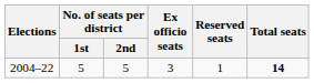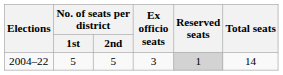 <table class=wikitable style="text-align:center">
 <tr>
 <th rowspan=2>Elections</th>
 <th colspan=2>No. of seats per district</th>
 <th width=50px rowspan=2>Ex officio seats</th>
 <th width=50px rowspan=2>Reserved seats</th>
 <th rowspan="2">Total seats</th>
 </tr>
 <tr>
 <th width=50px>1st</th>
 <th width=50px>2nd</th>
 </tr>
 <tr>
 <td>2004–22</td>
 <td>5</td>
 <td>5</td>
 <td>3</td>
-<td>1</td>
-<td><strong>14</strong></td>
+<td style="background: lightgrey;">1</td>
+<td>14</td>
 </tr>
 </table>
